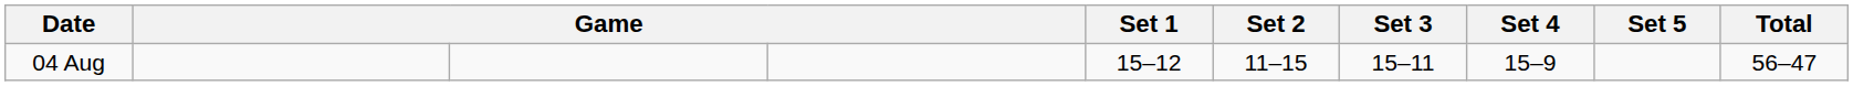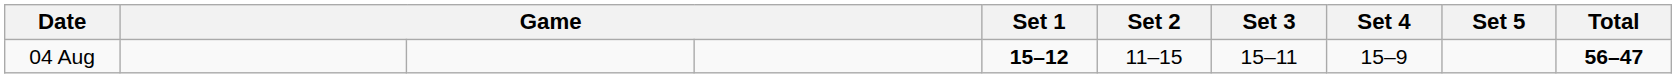 <table width=1200 class="wikitable">
 <tr>
 <th width=6%>Date</th>
 <th width=45% colspan=3>Game</th>
 <th width=6%>Set 1</th>
 <th width=6%>Set 2</th>
 <th width=6%>Set 3</th>
 <th width=6%>Set 4</th>
 <th width=6%>Set 5</th>
 <th width=6%>Total</th>
 </tr>
 <tr style=font-size:95%>
 <td align=center>04 Aug</td>
 <td align=center><strong></strong></td>
 <td></td>
 <td></td>
-<td align=center>15–12</td>
+<td align=center><strong>15–12</strong></td>
 <td align=center>11–15</td>
 <td align=center>15–11</td>
 <td align=center>15–9</td>
 <td align=center></td>
-<td align=center>56–47</td>
+<td align=center><strong>56–47</strong></td>
 </tr>
 </table>
